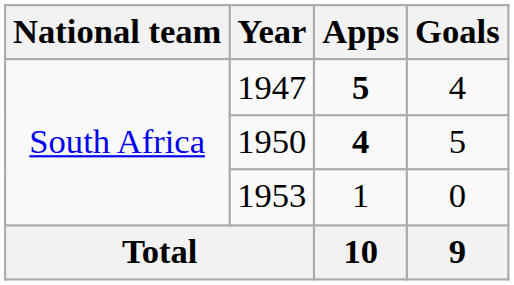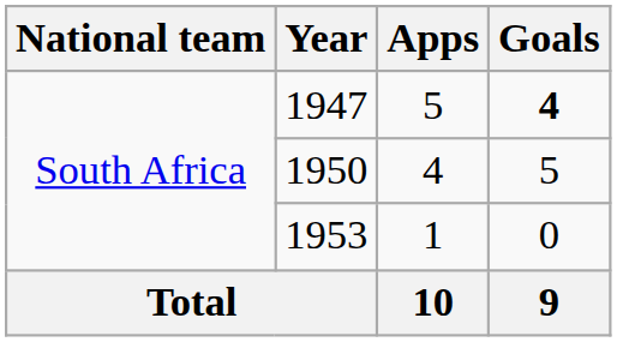 <table class=wikitable style=text-align:center>
 <tr>
 <th>National team</th>
 <th>Year</th>
 <th>Apps</th>
 <th>Goals</th>
 </tr>
 <tr>
 <td rowspan="3"><a href='#'>South Africa</a></td>
 <td>1947</td>
-<td><strong>5</strong></td>
-<td>4</td>
+<td>5</td>
+<td><strong>4</strong></td>
 </tr>
 <tr>
 <td>1950</td>
-<td><strong>4</strong></td>
+<td>4</td>
 <td>5</td>
 </tr>
 <tr>
 <td>1953</td>
 <td>1</td>
 <td>0</td>
 </tr>
 <tr>
 <th colspan="2">Total</th>
 <th>10</th>
 <th>9</th>
 </tr>
 </table>
